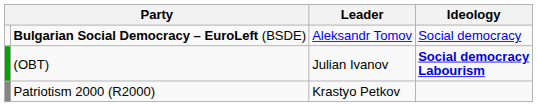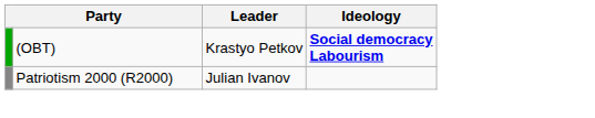 <table class="wikitable" style="font-size:95%; white-space: nowrap">
 <tr>
 <th style="width:200px" colspan="2">Party</th>
 <th style="width:100px">Leader</th>
 <th style="width:120px">Ideology</th>
 </tr>
 <tr>
-<td style="background:"></td>
-<td><strong>Bulgarian Social Democracy – EuroLeft</strong> (BSDE)</td>
-<td><a href='#'>Aleksandr Tomov</a></td>
-<td><a href='#'>Social democracy</a></td>
-</tr>
-<tr>
 <td style="background:#01a601;"></td>
 <td> (OBT)</td>
-<td>Julian Ivanov</td>
+<td>Krastyo Petkov</td>
 <td><strong><a href='#'>Social democracy</a><br> <a href='#'>Labourism</a></strong></td>
 </tr>
 <tr>
 <td style="background:#858585;"></td>
 <td>Patriotism 2000 (R2000)</td>
-<td>Krastyo Petkov</td>
+<td>Julian Ivanov</td>
 <td></td>
 </tr>
 </table>
